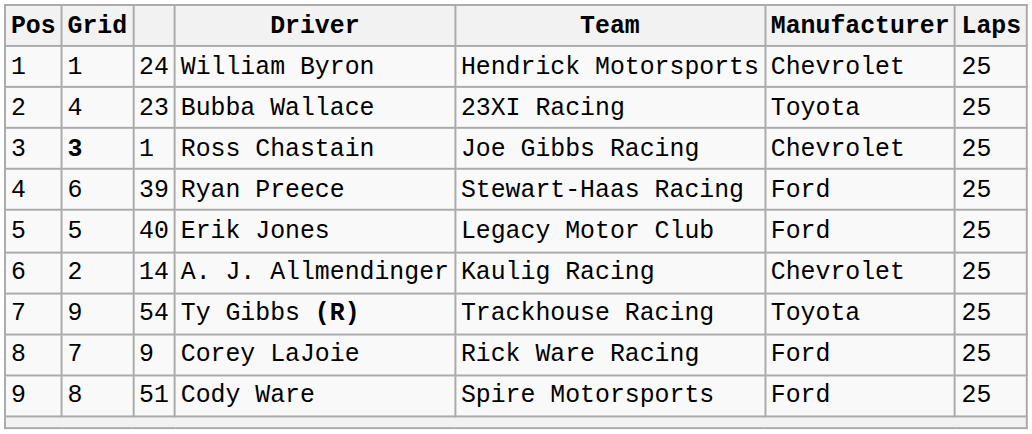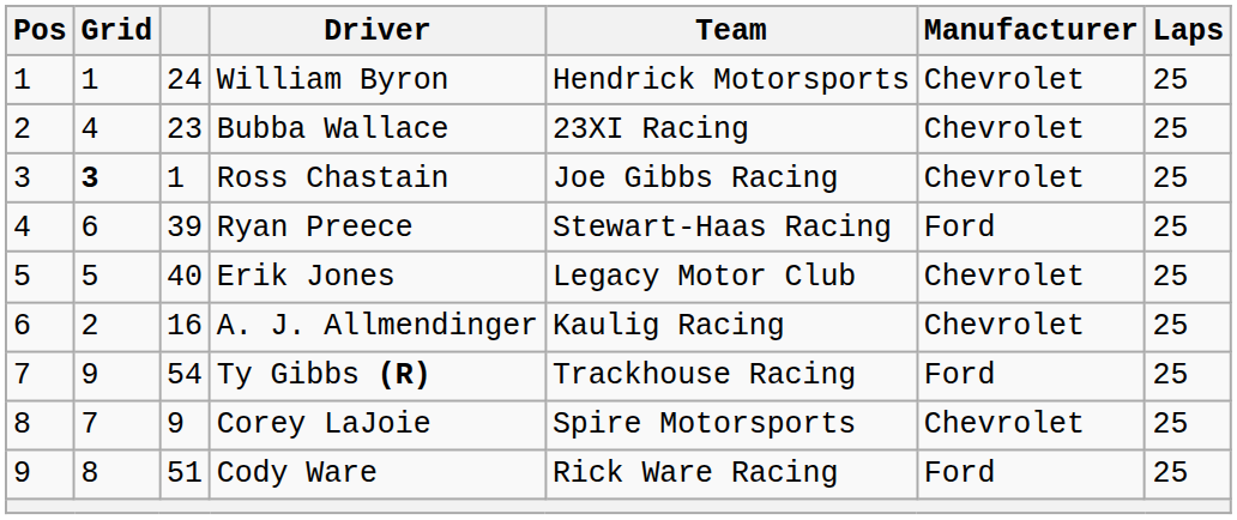 <table class="wikitable" style="font-size:98%">
 <tr>
 <th>Pos</th>
 <th>Grid</th>
 <th></th>
 <th>Driver</th>
 <th>Team</th>
 <th>Manufacturer</th>
 <th>Laps</th>
 </tr>
 <tr>
 <td>1</td>
 <td>1</td>
 <td>24</td>
 <td>William Byron</td>
 <td>Hendrick Motorsports</td>
 <td>Chevrolet</td>
 <td>25</td>
 </tr>
 <tr>
 <td>2</td>
 <td>4</td>
 <td>23</td>
 <td>Bubba Wallace</td>
 <td>23XI Racing</td>
-<td>Toyota</td>
+<td>Chevrolet</td>
 <td>25</td>
 </tr>
 <tr>
 <td>3</td>
 <td><strong>3</strong></td>
 <td>1</td>
 <td>Ross Chastain</td>
 <td>Joe Gibbs Racing</td>
 <td>Chevrolet</td>
 <td>25</td>
 </tr>
 <tr>
 <td>4</td>
 <td>6</td>
 <td>39</td>
 <td>Ryan Preece</td>
 <td>Stewart-Haas Racing</td>
 <td>Ford</td>
 <td>25</td>
 </tr>
 <tr>
 <td>5</td>
 <td>5</td>
 <td>40</td>
 <td>Erik Jones</td>
 <td>Legacy Motor Club</td>
-<td>Ford</td>
+<td>Chevrolet</td>
 <td>25</td>
 </tr>
 <tr>
 <td>6</td>
 <td>2</td>
-<td>14</td>
+<td>16</td>
 <td>A. J. Allmendinger</td>
 <td>Kaulig Racing</td>
 <td>Chevrolet</td>
 <td>25</td>
 </tr>
 <tr>
 <td>7</td>
 <td>9</td>
 <td>54</td>
 <td>Ty Gibbs <strong>(R)</strong></td>
 <td>Trackhouse Racing</td>
-<td>Toyota</td>
+<td>Ford</td>
 <td>25</td>
 </tr>
 <tr>
 <td>8</td>
 <td>7</td>
 <td>9</td>
 <td>Corey LaJoie</td>
-<td>Rick Ware Racing</td>
-<td>Ford</td>
+<td>Spire Motorsports</td>
+<td>Chevrolet</td>
 <td>25</td>
 </tr>
 <tr>
 <td>9</td>
 <td>8</td>
 <td>51</td>
 <td>Cody Ware</td>
-<td>Spire Motorsports</td>
+<td>Rick Ware Racing</td>
 <td>Ford</td>
 <td>25</td>
 </tr>
 <tr>
 <th colspan="7"></th>
 </tr>
 </table>
